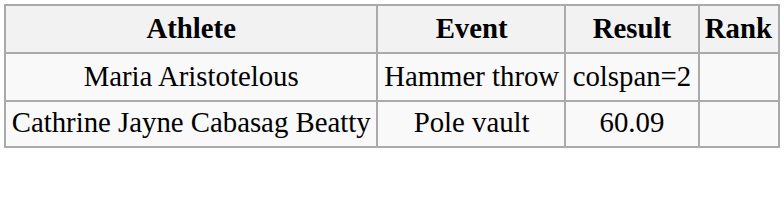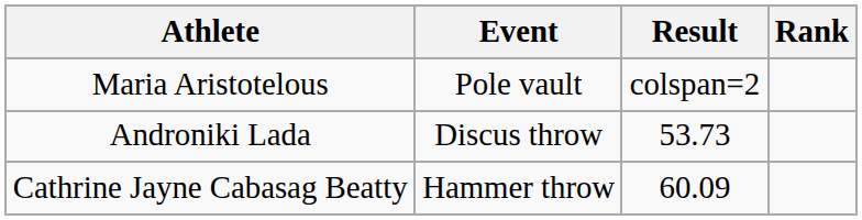 <table class="wikitable" style="font-size:90%">
 <tr>
 <th>Athlete</th>
 <th>Event</th>
 <th>Result</th>
 <th>Rank</th>
 </tr>
 <tr align=center>
 <td>Maria Aristotelous</td>
-<td>Hammer throw</td>
+<td>Pole vault</td>
 <td>colspan=2 </td>
 </tr>
 <tr align=center>
+<td>Androniki Lada</td>
+<td>Discus throw</td>
+<td>53.73</td>
+<td></td>
+</tr>
+<tr align=center>
 <td>Cathrine Jayne Cabasag Beatty</td>
-<td>Pole vault</td>
+<td>Hammer throw</td>
 <td>60.09</td>
 <td></td>
 </tr>
 </table>
